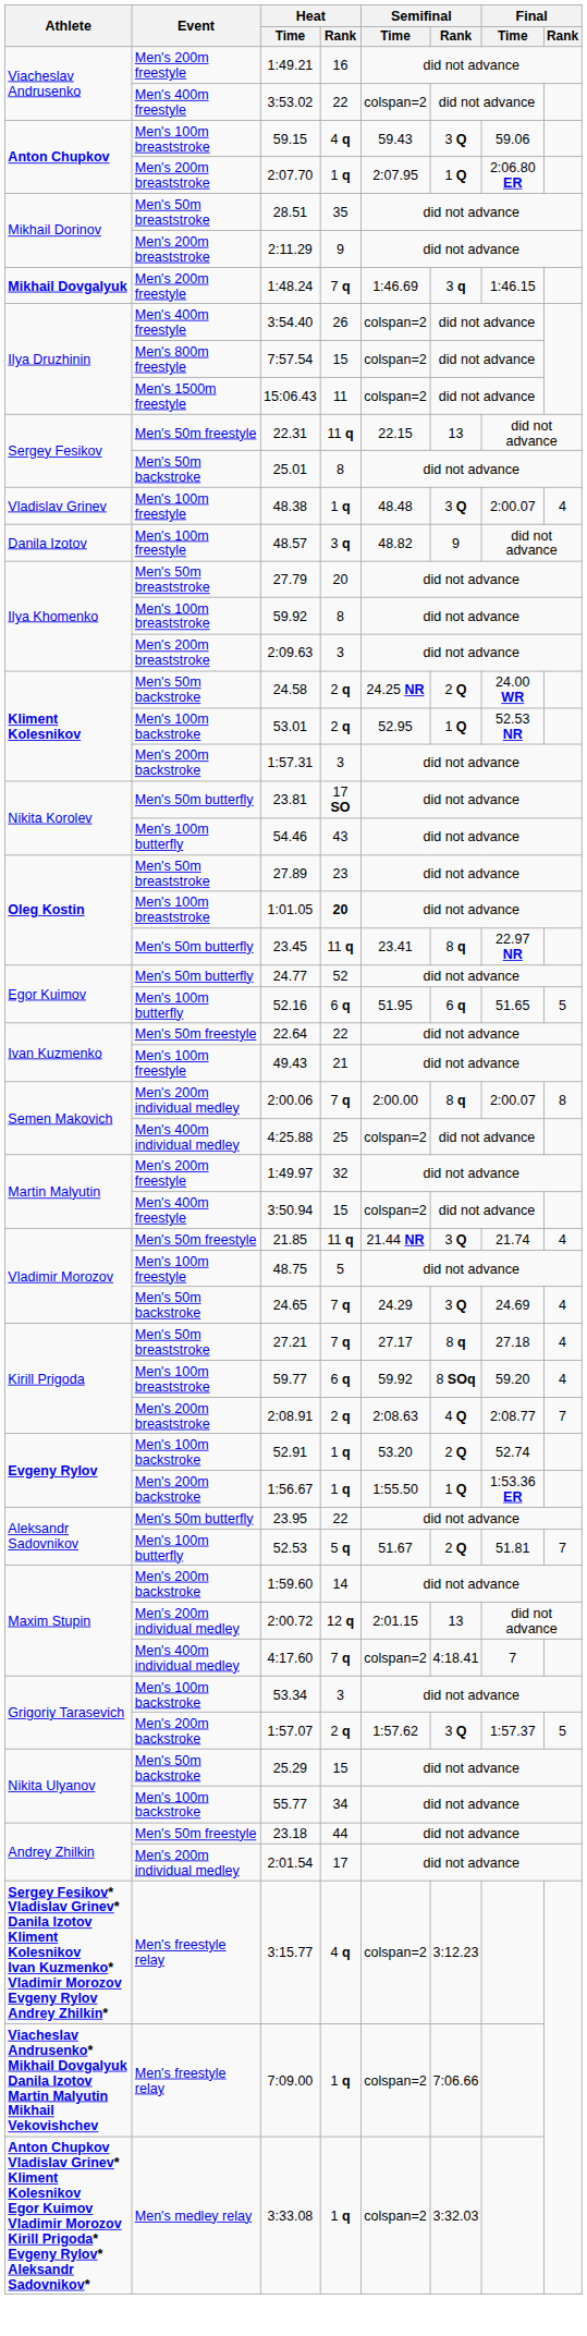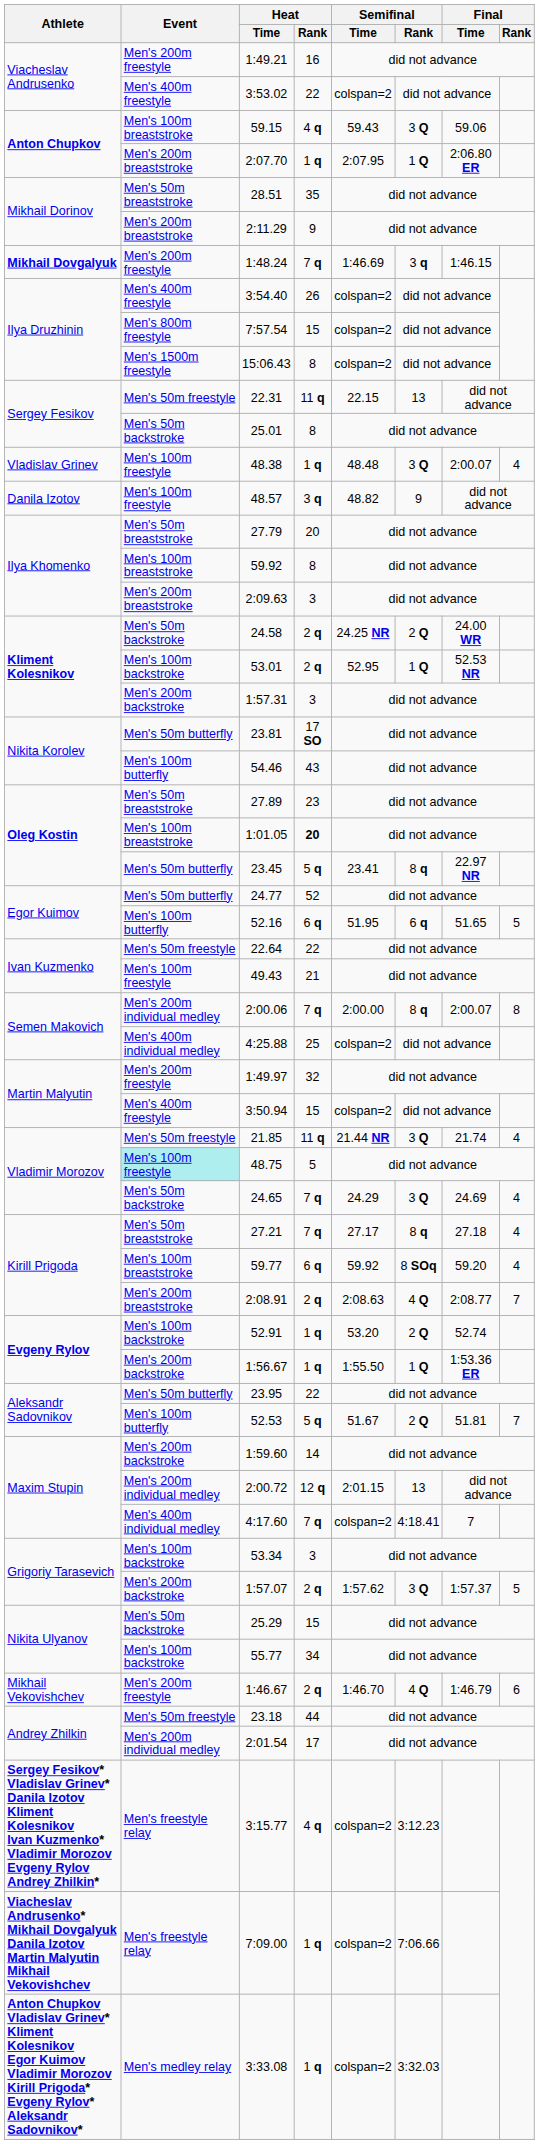 <table class=wikitable style="font-size:90%">
 <tr>
 <th rowspan="2">Athlete</th>
 <th rowspan="2">Event</th>
 <th colspan="2">Heat</th>
 <th colspan="2">Semifinal</th>
 <th colspan="2">Final</th>
 </tr>
 <tr style="font-size:95%">
 <th>Time</th>
 <th>Rank</th>
 <th>Time</th>
 <th>Rank</th>
 <th>Time</th>
 <th>Rank</th>
 </tr>
 <tr align=center>
 <td align=left rowspan=2><a href='#'>Viacheslav Andrusenko</a></td>
 <td align=left><a href='#'>Men's 200m freestyle</a></td>
 <td>1:49.21</td>
 <td>16</td>
 <td colspan=4>did not advance</td>
 </tr>
 <tr align=center>
 <td align=left><a href='#'>Men's 400m freestyle</a></td>
 <td>3:53.02</td>
 <td>22</td>
 <td>colspan=2 </td>
 <td colspan=2>did not advance</td>
 </tr>
 <tr align=center>
 <td align=left rowspan=2><strong><a href='#'>Anton Chupkov</a></strong></td>
 <td align=left><a href='#'>Men's 100m breaststroke</a></td>
 <td>59.15</td>
 <td>4 <strong>q</strong></td>
 <td>59.43</td>
 <td>3 <strong>Q</strong></td>
 <td>59.06</td>
 <td></td>
 </tr>
 <tr align=center>
 <td align=left><a href='#'>Men's 200m breaststroke</a></td>
 <td>2:07.70</td>
 <td>1 <strong>q</strong></td>
 <td>2:07.95</td>
 <td>1 <strong>Q</strong></td>
 <td>2:06.80 <strong><a href='#'>ER</a></strong></td>
 <td></td>
 </tr>
 <tr align=center>
 <td align=left rowspan=2><a href='#'>Mikhail Dorinov</a></td>
 <td align=left><a href='#'>Men's 50m breaststroke</a></td>
 <td>28.51</td>
 <td>35</td>
 <td colspan=4>did not advance</td>
 </tr>
 <tr align=center>
 <td align=left><a href='#'>Men's 200m breaststroke</a></td>
 <td>2:11.29</td>
 <td>9</td>
 <td colspan=4>did not advance</td>
 </tr>
 <tr align=center>
 <td align=left><strong><a href='#'>Mikhail Dovgalyuk</a></strong></td>
 <td align=left><a href='#'>Men's 200m freestyle</a></td>
 <td>1:48.24</td>
 <td>7 <strong>q</strong></td>
 <td>1:46.69</td>
 <td>3 <strong>q</strong></td>
 <td>1:46.15</td>
 <td></td>
 </tr>
 <tr align=center>
 <td align=left rowspan=3><a href='#'>Ilya Druzhinin</a></td>
 <td align=left><a href='#'>Men's 400m freestyle</a></td>
 <td>3:54.40</td>
 <td>26</td>
 <td>colspan=2 </td>
 <td colspan=2>did not advance</td>
 </tr>
 <tr align=center>
 <td align=left><a href='#'>Men's 800m freestyle</a></td>
 <td>7:57.54</td>
 <td>15</td>
 <td>colspan=2 </td>
 <td colspan=2>did not advance</td>
 </tr>
 <tr align=center>
 <td align=left><a href='#'>Men's 1500m freestyle</a></td>
 <td>15:06.43</td>
-<td>11</td>
+<td>8</td>
 <td>colspan=2 </td>
 <td colspan=2>did not advance</td>
 </tr>
 <tr align=center>
 <td align=left rowspan=2><a href='#'>Sergey Fesikov</a></td>
 <td align=left><a href='#'>Men's 50m freestyle</a></td>
 <td>22.31</td>
 <td>11 <strong>q</strong></td>
 <td>22.15</td>
 <td>13</td>
 <td colspan=2>did not advance</td>
 </tr>
 <tr align=center>
 <td align=left><a href='#'>Men's 50m backstroke</a></td>
 <td>25.01</td>
 <td>8</td>
 <td colspan=4>did not advance</td>
 </tr>
 <tr align=center>
 <td align=left><a href='#'>Vladislav Grinev</a></td>
 <td align=left><a href='#'>Men's 100m freestyle</a></td>
 <td>48.38</td>
 <td>1 <strong>q</strong></td>
 <td>48.48</td>
 <td>3 <strong>Q</strong></td>
 <td>2:00.07</td>
 <td>4</td>
 </tr>
 <tr align=center>
 <td align=left><a href='#'>Danila Izotov</a></td>
 <td align=left><a href='#'>Men's 100m freestyle</a></td>
 <td>48.57</td>
 <td>3 <strong>q</strong></td>
 <td>48.82</td>
 <td>9</td>
 <td colspan=2>did not advance</td>
 </tr>
 <tr align=center>
 <td align=left rowspan=3><a href='#'>Ilya Khomenko</a></td>
 <td align=left><a href='#'>Men's 50m breaststroke</a></td>
 <td>27.79</td>
 <td>20</td>
 <td colspan=4>did not advance</td>
 </tr>
 <tr align=center>
 <td align=left><a href='#'>Men's 100m breaststroke</a></td>
 <td>59.92</td>
 <td>8</td>
 <td colspan=4>did not advance</td>
 </tr>
 <tr align=center>
 <td align=left><a href='#'>Men's 200m breaststroke</a></td>
 <td>2:09.63</td>
 <td>3</td>
 <td colspan=4>did not advance</td>
 </tr>
 <tr align=center>
 <td align=left rowspan=3><strong><a href='#'>Kliment Kolesnikov</a></strong></td>
 <td align=left><a href='#'>Men's 50m backstroke</a></td>
 <td>24.58</td>
 <td>2 <strong>q</strong></td>
 <td>24.25 <strong><a href='#'>NR</a></strong></td>
 <td>2 <strong>Q</strong></td>
 <td>24.00 <strong><a href='#'>WR</a></strong></td>
 <td></td>
 </tr>
 <tr align=center>
 <td align=left><a href='#'>Men's 100m backstroke</a></td>
 <td>53.01</td>
 <td>2 <strong>q</strong></td>
 <td>52.95</td>
 <td>1 <strong>Q</strong></td>
 <td>52.53 <strong><a href='#'>NR</a></strong></td>
 <td></td>
 </tr>
 <tr align=center>
 <td align=left><a href='#'>Men's 200m backstroke</a></td>
 <td>1:57.31</td>
 <td>3</td>
 <td colspan=4>did not advance</td>
 </tr>
 <tr align=center>
 <td align=left rowspan=2><a href='#'>Nikita Korolev</a></td>
 <td align=left><a href='#'>Men's 50m butterfly</a></td>
 <td>23.81</td>
 <td>17 <strong>SO</strong></td>
 <td colspan=4>did not advance</td>
 </tr>
 <tr align=center>
 <td align=left><a href='#'>Men's 100m butterfly</a></td>
 <td>54.46</td>
 <td>43</td>
 <td colspan=4>did not advance</td>
 </tr>
 <tr align=center>
 <td align=left rowspan=3><strong><a href='#'>Oleg Kostin</a></strong></td>
 <td align=left><a href='#'>Men's 50m breaststroke</a></td>
 <td>27.89</td>
 <td>23</td>
 <td colspan=4>did not advance</td>
 </tr>
 <tr align=center>
 <td align=left><a href='#'>Men's 100m breaststroke</a></td>
 <td>1:01.05</td>
 <td><strong>20</strong></td>
 <td colspan=4>did not advance</td>
 </tr>
 <tr align=center>
 <td align=left><a href='#'>Men's 50m butterfly</a></td>
 <td>23.45</td>
-<td>11 <strong>q</strong></td>
+<td>5 <strong>q</strong></td>
 <td>23.41</td>
 <td>8 <strong>q</strong></td>
 <td>22.97 <strong><a href='#'>NR</a></strong></td>
 <td></td>
 </tr>
 <tr align=center>
 <td align=left rowspan=2><a href='#'>Egor Kuimov</a></td>
 <td align=left><a href='#'>Men's 50m butterfly</a></td>
 <td>24.77</td>
 <td>52</td>
 <td colspan=4>did not advance</td>
 </tr>
 <tr align=center>
 <td align=left><a href='#'>Men's 100m butterfly</a></td>
 <td>52.16</td>
 <td>6 <strong>q</strong></td>
 <td>51.95</td>
 <td>6 <strong>q</strong></td>
 <td>51.65</td>
 <td>5</td>
 </tr>
 <tr align=center>
 <td align=left rowspan=2><a href='#'>Ivan Kuzmenko</a></td>
 <td align=left><a href='#'>Men's 50m freestyle</a></td>
 <td>22.64</td>
 <td>22</td>
 <td colspan=4>did not advance</td>
 </tr>
 <tr align=center>
 <td align=left><a href='#'>Men's 100m freestyle</a></td>
 <td>49.43</td>
 <td>21</td>
 <td colspan=4>did not advance</td>
 </tr>
 <tr align=center>
 <td align=left rowspan=2><a href='#'>Semen Makovich</a></td>
 <td align=left><a href='#'>Men's 200m individual medley</a></td>
 <td>2:00.06</td>
 <td>7 <strong>q</strong></td>
 <td>2:00.00</td>
 <td>8 <strong>q</strong></td>
 <td>2:00.07</td>
 <td>8</td>
 </tr>
 <tr align=center>
 <td align=left><a href='#'>Men's 400m individual medley</a></td>
 <td>4:25.88</td>
 <td>25</td>
 <td>colspan=2 </td>
 <td colspan=2>did not advance</td>
 </tr>
 <tr align=center>
 <td align=left rowspan=2><a href='#'>Martin Malyutin</a></td>
 <td align=left><a href='#'>Men's 200m freestyle</a></td>
 <td>1:49.97</td>
 <td>32</td>
 <td colspan=4>did not advance</td>
 </tr>
 <tr align=center>
 <td align=left><a href='#'>Men's 400m freestyle</a></td>
 <td>3:50.94</td>
 <td>15</td>
 <td>colspan=2 </td>
 <td colspan=2>did not advance</td>
 </tr>
 <tr align=center>
 <td align=left rowspan=3><a href='#'>Vladimir Morozov</a></td>
 <td align=left><a href='#'>Men's 50m freestyle</a></td>
 <td>21.85</td>
 <td>11 <strong>q</strong></td>
 <td>21.44 <strong><a href='#'>NR</a></strong></td>
 <td>3 <strong>Q</strong></td>
 <td>21.74</td>
 <td>4</td>
 </tr>
 <tr align=center>
-<td align=left><a href='#'>Men's 100m freestyle</a></td>
+<td align=left style="background: paleturquoise;"><a href='#'>Men's 100m freestyle</a></td>
 <td>48.75</td>
 <td>5</td>
 <td colspan=4>did not advance</td>
 </tr>
 <tr align=center>
 <td align=left><a href='#'>Men's 50m backstroke</a></td>
 <td>24.65</td>
 <td>7 <strong>q</strong></td>
 <td>24.29</td>
 <td>3 <strong>Q</strong></td>
 <td>24.69</td>
 <td>4</td>
 </tr>
 <tr align=center>
 <td align=left rowspan=3><a href='#'>Kirill Prigoda</a></td>
 <td align=left><a href='#'>Men's 50m breaststroke</a></td>
 <td>27.21</td>
 <td>7 <strong>q</strong></td>
 <td>27.17</td>
 <td>8 <strong>q</strong></td>
 <td>27.18</td>
 <td>4</td>
 </tr>
 <tr align=center>
 <td align=left><a href='#'>Men's 100m breaststroke</a></td>
 <td>59.77</td>
 <td>6 <strong>q</strong></td>
 <td>59.92</td>
 <td>8 <strong>SOq</strong></td>
 <td>59.20</td>
 <td>4</td>
 </tr>
 <tr align=center>
 <td align=left><a href='#'>Men's 200m breaststroke</a></td>
 <td>2:08.91</td>
 <td>2 <strong>q</strong></td>
 <td>2:08.63</td>
 <td>4 <strong>Q</strong></td>
 <td>2:08.77</td>
 <td>7</td>
 </tr>
 <tr align=center>
 <td align=left rowspan=2><strong><a href='#'>Evgeny Rylov</a></strong></td>
 <td align=left><a href='#'>Men's 100m backstroke</a></td>
 <td>52.91</td>
 <td>1 <strong>q</strong></td>
 <td>53.20</td>
 <td>2 <strong>Q</strong></td>
 <td>52.74</td>
 <td></td>
 </tr>
 <tr align=center>
 <td align=left><a href='#'>Men's 200m backstroke</a></td>
 <td>1:56.67</td>
 <td>1 <strong>q</strong></td>
 <td>1:55.50</td>
 <td>1 <strong>Q</strong></td>
 <td>1:53.36 <strong><a href='#'>ER</a></strong></td>
 <td></td>
 </tr>
 <tr align=center>
 <td align=left rowspan=2><a href='#'>Aleksandr Sadovnikov</a></td>
 <td align=left><a href='#'>Men's 50m butterfly</a></td>
 <td>23.95</td>
 <td>22</td>
 <td colspan=4>did not advance</td>
 </tr>
 <tr align=center>
 <td align=left><a href='#'>Men's 100m butterfly</a></td>
 <td>52.53</td>
 <td>5 <strong>q</strong></td>
 <td>51.67</td>
 <td>2 <strong>Q</strong></td>
 <td>51.81</td>
 <td>7</td>
 </tr>
 <tr align=center>
 <td align=left rowspan=3><a href='#'>Maxim Stupin</a></td>
 <td align=left><a href='#'>Men's 200m backstroke</a></td>
 <td>1:59.60</td>
 <td>14</td>
 <td colspan=4>did not advance</td>
 </tr>
 <tr align=center>
 <td align=left><a href='#'>Men's 200m individual medley</a></td>
 <td>2:00.72</td>
 <td>12 <strong>q</strong></td>
 <td>2:01.15</td>
 <td>13</td>
 <td colspan=2>did not advance</td>
 </tr>
 <tr align=center>
 <td align=left><a href='#'>Men's 400m individual medley</a></td>
 <td>4:17.60</td>
 <td>7 <strong>q</strong></td>
 <td>colspan=2 </td>
 <td>4:18.41</td>
 <td>7</td>
 </tr>
 <tr align=center>
 <td align=left rowspan=2><a href='#'>Grigoriy Tarasevich</a></td>
 <td align=left><a href='#'>Men's 100m backstroke</a></td>
 <td>53.34</td>
 <td>3</td>
 <td colspan=4>did not advance</td>
 </tr>
 <tr align=center>
 <td align=left><a href='#'>Men's 200m backstroke</a></td>
 <td>1:57.07</td>
 <td>2 <strong>q</strong></td>
 <td>1:57.62</td>
 <td>3 <strong>Q</strong></td>
 <td>1:57.37</td>
 <td>5</td>
 </tr>
 <tr align=center>
 <td align=left rowspan=2><a href='#'>Nikita Ulyanov</a></td>
 <td align=left><a href='#'>Men's 50m backstroke</a></td>
 <td>25.29</td>
 <td>15</td>
 <td colspan=4>did not advance</td>
 </tr>
 <tr align=center>
 <td align=left><a href='#'>Men's 100m backstroke</a></td>
 <td>55.77</td>
 <td>34</td>
 <td colspan=4>did not advance</td>
 </tr>
 <tr align=center>
+<td align=left><a href='#'>Mikhail Vekovishchev</a></td>
+<td align=left><a href='#'>Men's 200m freestyle</a></td>
+<td>1:46.67</td>
+<td>2 <strong>q</strong></td>
+<td>1:46.70</td>
+<td>4 <strong>Q</strong></td>
+<td>1:46.79</td>
+<td>6</td>
+</tr>
+<tr align=center>
 <td align=left rowspan=2><a href='#'>Andrey Zhilkin</a></td>
 <td align=left><a href='#'>Men's 50m freestyle</a></td>
 <td>23.18</td>
 <td>44</td>
 <td colspan=4>did not advance</td>
 </tr>
 <tr align=center>
 <td align=left><a href='#'>Men's 200m individual medley</a></td>
 <td>2:01.54</td>
 <td>17</td>
 <td colspan=4>did not advance</td>
 </tr>
 <tr align=center>
 <td align=left><strong><a href='#'>Sergey Fesikov</a>*<br><a href='#'>Vladislav Grinev</a>*<br><a href='#'>Danila Izotov</a><br><a href='#'>Kliment Kolesnikov</a><br><a href='#'>Ivan Kuzmenko</a>*<br><a href='#'>Vladimir Morozov</a><br><a href='#'>Evgeny Rylov</a><br><a href='#'>Andrey Zhilkin</a>*</strong></td>
 <td align=left><a href='#'>Men's  freestyle relay</a></td>
 <td>3:15.77</td>
 <td>4 <strong>q</strong></td>
 <td>colspan=2 </td>
 <td>3:12.23</td>
 <td></td>
 </tr>
 <tr align=center>
 <td align=left><strong><a href='#'>Viacheslav Andrusenko</a>*<br><a href='#'>Mikhail Dovgalyuk</a><br><a href='#'>Danila Izotov</a><br><a href='#'>Martin Malyutin</a><br><a href='#'>Mikhail Vekovishchev</a></strong></td>
 <td align=left><a href='#'>Men's  freestyle relay</a></td>
 <td>7:09.00</td>
 <td>1 <strong>q</strong></td>
 <td>colspan=2 </td>
 <td>7:06.66</td>
 <td></td>
 </tr>
 <tr align=center>
 <td align=left><strong><a href='#'>Anton Chupkov</a><br><a href='#'>Vladislav Grinev</a>*<br><a href='#'>Kliment Kolesnikov</a><br><a href='#'>Egor Kuimov</a><br><a href='#'>Vladimir Morozov</a><br><a href='#'>Kirill Prigoda</a>*<br><a href='#'>Evgeny Rylov</a>*<br><a href='#'>Aleksandr Sadovnikov</a>*</strong></td>
 <td align=left><a href='#'>Men's  medley relay</a></td>
 <td>3:33.08</td>
 <td>1 <strong>q</strong></td>
 <td>colspan=2 </td>
 <td>3:32.03</td>
 <td></td>
 </tr>
 </table>
